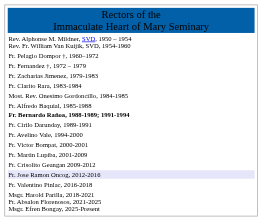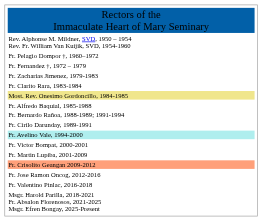 <table style="float:right; margin:1em 1em 1em 1em; width:24em; border: 1px solid #a0a0a0; padding: 2px; bg-color=yellow; text-align:right;">
 <tr style="background:#0260a8; text-align:center;">
 <td><span>Rectors of the <br>Immaculate Heart of Mary Seminary</span></td>
 </tr>
 <tr style="text-align:left; font-size:x-small;">
 <td>Rev. Alphonse M. Mildner, <a href='#'>SVD</a>, 1950 – 1954<br>Rev. Fr. William Van Kuijik, SVD, 1954-1960</td>
 </tr>
 <tr style="text-align:left; font-size:x-small;">
 <td>Fr. Pelagio Dompor †, 1960–1972</td>
 </tr>
 <tr style="text-align:left; font-size:x-small;">
 <td>Fr. Fernandez †, 1972 – 1979</td>
 </tr>
 <tr style="text-align:left; font-size:x-small;">
 <td>Fr. Zacharias Jimenez, 1979-1983</td>
 </tr>
 <tr style="text-align:left; font-size:x-small;">
 <td>Fr. Clarito Rara, 1983-1984</td>
 </tr>
 <tr style="text-align:left; font-size:x-small;">
-<td>Most. Rev. Onesimo Gordoncillo, 1984-1985</td>
+<td style="background: khaki;">Most. Rev. Onesimo Gordoncillo, 1984-1985</td>
 </tr>
 <tr style="text-align:left; font-size:x-small;">
 <td>Fr. Alfredo Baquial, 1985-1988</td>
 </tr>
 <tr style="text-align:left; font-size:x-small;">
-<td><strong>Fr. Bernardo Rañoa, 1988-1989; 1991-1994</strong></td>
+<td>Fr. Bernardo Rañoa, 1988-1989; 1991-1994</td>
 </tr>
 <tr style="text-align:left; font-size:x-small;">
 <td>Fr. Cirilo Darunday, 1989-1991</td>
 </tr>
 <tr style="text-align:left; font-size:x-small;">
-<td>Fr. Avelino Vale, 1994-2000</td>
+<td style="background: paleturquoise;">Fr. Avelino Vale, 1994-2000</td>
 </tr>
 <tr style="text-align:left; font-size:x-small;">
 <td>Fr. Victor Bompat, 2000-2001</td>
 </tr>
 <tr style="text-align:left; font-size:x-small;">
 <td>Fr. Martin Lupiba, 2001-2009</td>
 </tr>
 <tr style="text-align:left; font-size:x-small;">
-<td>Fr. Crisolito Geangan 2009-2012</td>
+<td style="background: lightsalmon;">Fr. Crisolito Geangan 2009-2012</td>
 </tr>
 <tr style="text-align:left; font-size:x-small;">
-<td style="background: lavender;">Fr. Jose Ramon Oncog, 2012-2016</td>
+<td>Fr. Jose Ramon Oncog, 2012-2016</td>
 </tr>
 <tr style="text-align:left; font-size:x-small;">
 <td>Fr. Valentino Pinlac, 2016-2018</td>
 </tr>
 <tr style="text-align:left; font-size:x-small;">
 <td>Msgr. Harold Parilla, 2018-2021<br>Fr. Absalon Florenosos, 2021-2025<br>Msgr. Efren Bongay, 2025-Present</td>
 </tr>
 </table>
